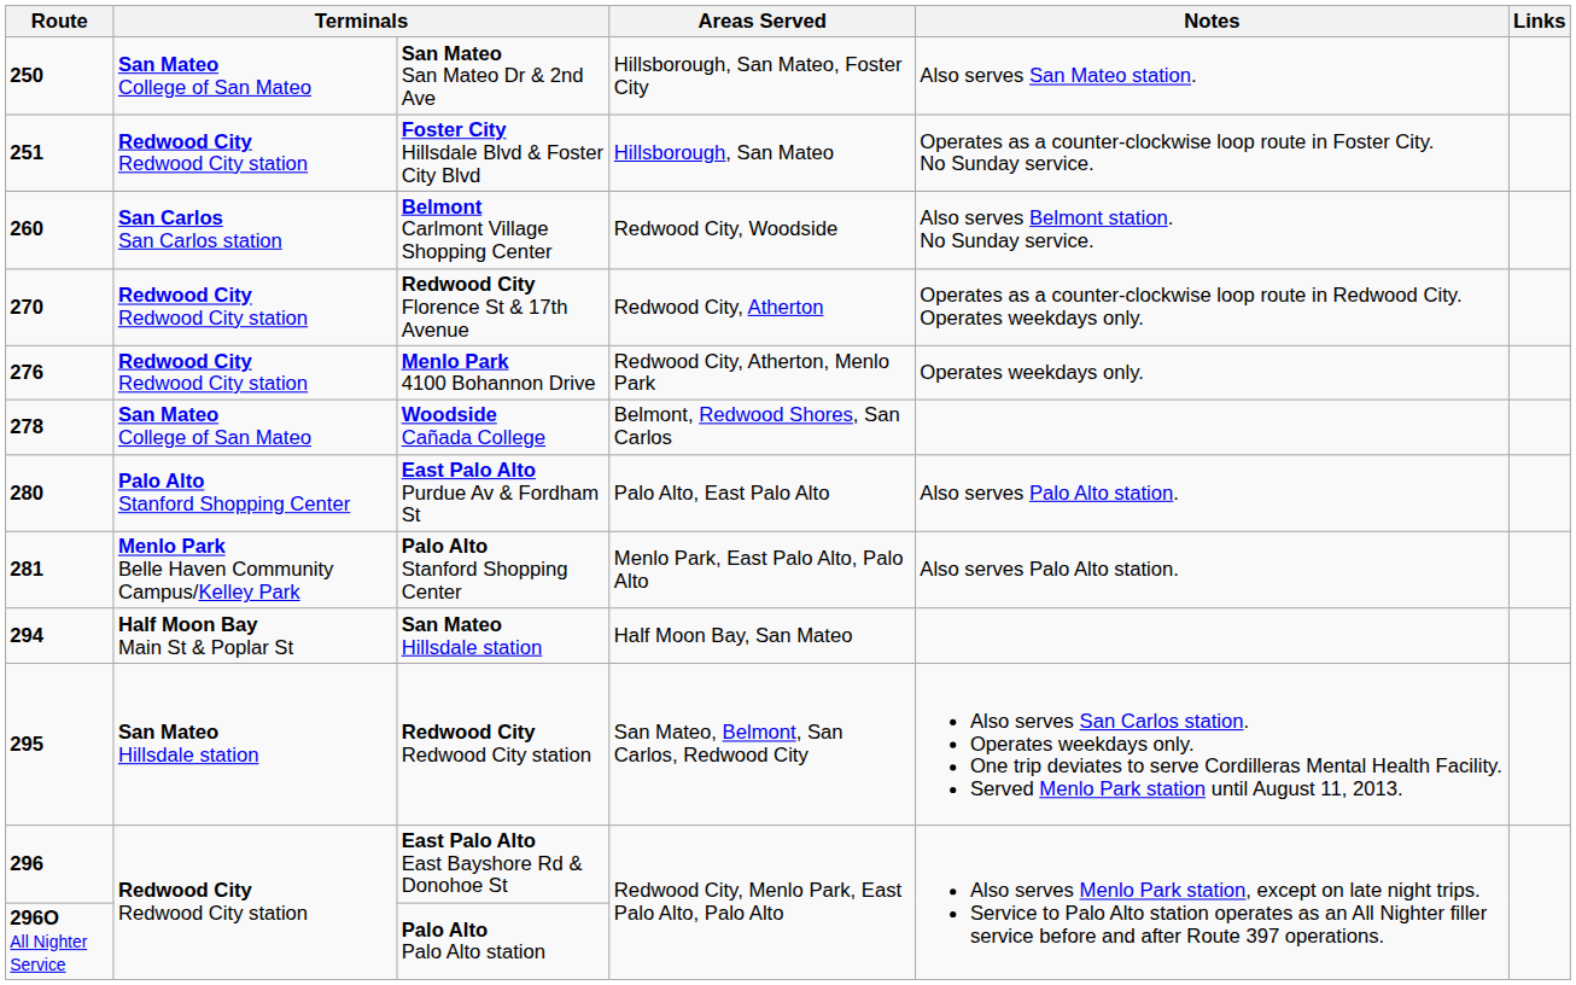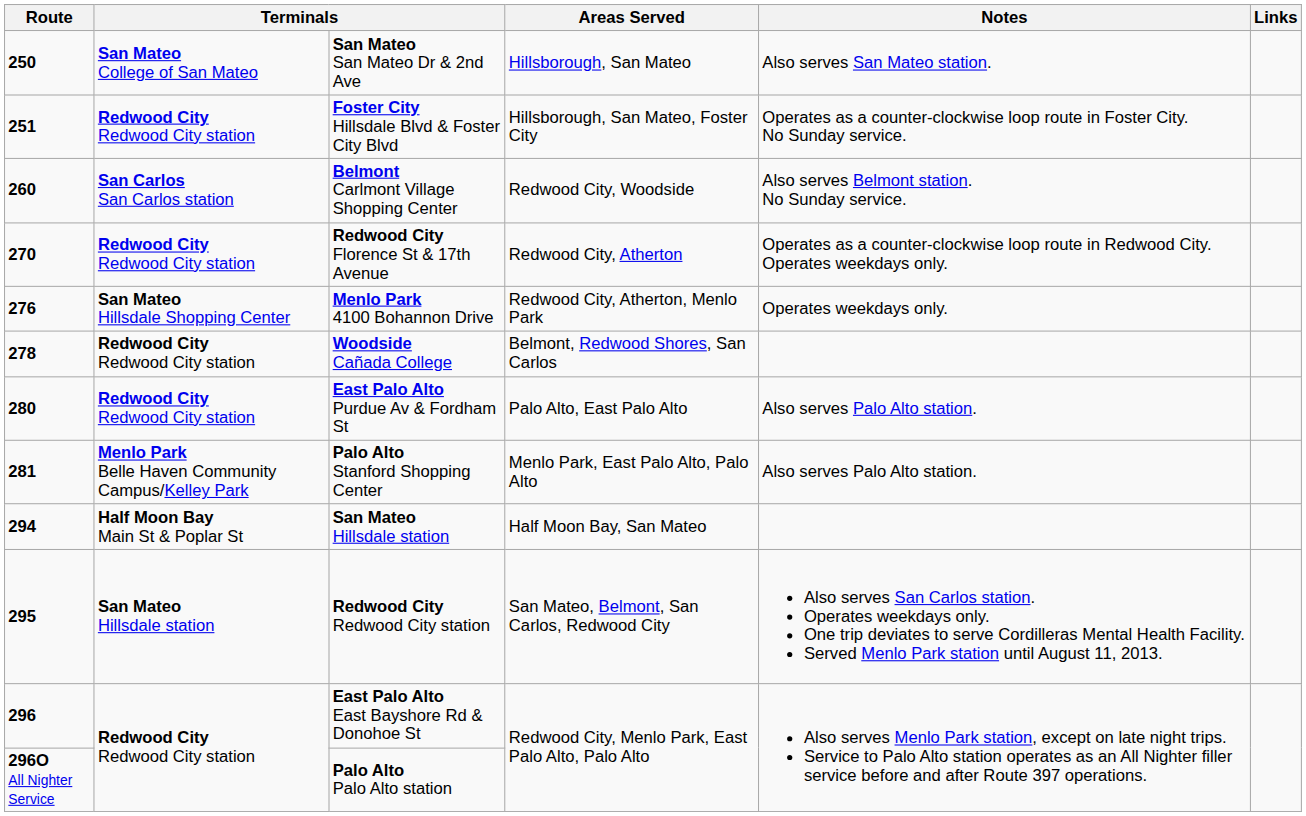 <table class="wikitable" font-style="text-size: 90%;">
 <tr>
 <th>Route</th>
 <th colspan=2>Terminals</th>
 <th>Areas Served</th>
 <th>Notes</th>
 <th>Links</th>
 </tr>
 <tr>
 <td><span><strong>250</strong></span></td>
 <td><strong><a href='#'>San Mateo</a></strong><br><a href='#'>College of San Mateo</a></td>
 <td><strong>San Mateo</strong><br>San Mateo Dr & 2nd Ave</td>
-<td>Hillsborough, San Mateo, Foster City</td>
+<td><a href='#'>Hillsborough</a>, San Mateo</td>
 <td>Also serves <a href='#'>San Mateo station</a>.</td>
 <td></td>
 </tr>
 <tr>
 <td><span><strong>251</strong></span></td>
 <td><strong><a href='#'>Redwood City</a></strong><br><a href='#'>Redwood City station</a></td>
 <td><strong><a href='#'>Foster City</a></strong><br>Hillsdale Blvd & Foster City Blvd</td>
-<td><a href='#'>Hillsborough</a>, San Mateo</td>
+<td>Hillsborough, San Mateo, Foster City</td>
 <td>Operates as a counter-clockwise loop route in Foster City.<br>No Sunday service.</td>
 <td></td>
 </tr>
 <tr>
 <td><span><strong>260</strong></span></td>
 <td><strong><a href='#'>San Carlos</a></strong><br><a href='#'>San Carlos station</a></td>
 <td><strong><a href='#'>Belmont</a></strong><br>Carlmont Village Shopping Center</td>
 <td>Redwood City, Woodside</td>
 <td>Also serves <a href='#'>Belmont station</a>. <br>No Sunday service.</td>
 <td></td>
 </tr>
 <tr>
 <td><span><strong>270</strong></span></td>
 <td><strong><a href='#'>Redwood City</a></strong><br><a href='#'>Redwood City station</a></td>
 <td><strong>Redwood City</strong><br>Florence St & 17th Avenue</td>
 <td>Redwood City, <a href='#'>Atherton</a></td>
 <td>Operates as a counter-clockwise loop route in Redwood City. <br>Operates weekdays only.</td>
 <td></td>
 </tr>
 <tr>
 <td><span><strong>276</strong></span></td>
-<td><strong><a href='#'>Redwood City</a></strong><br><a href='#'>Redwood City station</a></td>
+<td><strong>San Mateo</strong><br><a href='#'>Hillsdale Shopping Center</a></td>
 <td><strong><a href='#'>Menlo Park</a></strong><br>4100 Bohannon Drive</td>
 <td>Redwood City, Atherton, Menlo Park</td>
 <td>Operates weekdays only.</td>
 <td></td>
 </tr>
 <tr>
 <td><span><strong>278</strong></span></td>
-<td><strong><a href='#'>San Mateo</a></strong><br><a href='#'>College of San Mateo</a></td>
+<td><strong>Redwood City</strong><br>Redwood City station</td>
 <td><strong><a href='#'>Woodside</a></strong><br><a href='#'>Cañada College</a></td>
 <td>Belmont, <a href='#'>Redwood Shores</a>, San Carlos</td>
 <td></td>
 <td></td>
 </tr>
 <tr>
 <td><span><strong>280</strong></span></td>
-<td><strong><a href='#'>Palo Alto</a></strong><br><a href='#'>Stanford Shopping Center</a></td>
+<td><strong><a href='#'>Redwood City</a></strong><br><a href='#'>Redwood City station</a></td>
 <td><strong><a href='#'>East Palo Alto</a></strong><br>Purdue Av & Fordham St</td>
 <td>Palo Alto, East Palo Alto</td>
 <td>Also serves <a href='#'>Palo Alto station</a>.</td>
 <td></td>
 </tr>
 <tr>
 <td><span><strong>281</strong></span></td>
 <td><strong><a href='#'>Menlo Park</a></strong><br>Belle Haven Community Campus/<a href='#'>Kelley Park</a></td>
 <td><strong>Palo Alto</strong><br>Stanford Shopping Center</td>
 <td>Menlo Park, East Palo Alto, Palo Alto</td>
 <td>Also serves Palo Alto station.</td>
 <td></td>
 </tr>
 <tr>
 <td><span><strong>294</strong></span></td>
 <td><strong>Half Moon Bay</strong><br>Main St & Poplar St</td>
 <td><strong>San Mateo</strong><br><a href='#'>Hillsdale station</a></td>
 <td>Half Moon Bay, San Mateo</td>
 <td></td>
 <td></td>
 </tr>
 <tr>
 <td><span><strong>295</strong></span></td>
 <td><strong>San Mateo</strong><br><a href='#'>Hillsdale station</a></td>
 <td><strong>Redwood City</strong><br>Redwood City station</td>
 <td>San Mateo, <a href='#'>Belmont</a>, San Carlos, Redwood City</td>
 <td><br><ul><li>Also serves <a href='#'>San Carlos station</a>.</li><li>Operates weekdays only.</li><li>One trip deviates to serve Cordilleras Mental Health Facility.</li><li>Served <a href='#'>Menlo Park station</a> until August 11, 2013.</li></ul></td>
 <td></td>
 </tr>
 <tr>
 <td><span><strong>296</strong></span></td>
 <td rowspan="2"><strong>Redwood City</strong><br>Redwood City station</td>
 <td><strong>East Palo Alto</strong><br>East Bayshore Rd & Donohoe St</td>
 <td rowspan="2">Redwood City, Menlo Park, East Palo Alto, Palo Alto</td>
 <td rowspan="2"><br><ul><li>Also serves <a href='#'>Menlo Park station</a>, except on late night trips.</li><li>Service to Palo Alto station operates as an All Nighter filler service before and after Route 397 operations.</li></ul></td>
 <td rowspan="2"></td>
 </tr>
 <tr>
 <td><span><strong>296O</strong></span><br><small><a href='#'>All Nighter Service</a></small></td>
 <td><strong>Palo Alto</strong><br>Palo Alto station<br></td>
 </tr>
 </table>
